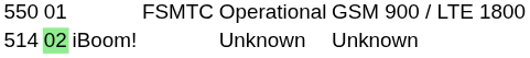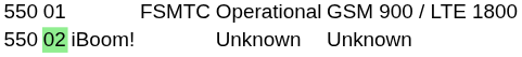 <table>
 <tr>
 <td>550</td>
 <td>01</td>
 <td></td>
 <td>FSMTC</td>
 <td>Operational</td>
 <td>GSM 900 / LTE 1800</td>
 <td></td>
 </tr>
 <tr>
-<td>514</td>
+<td>550</td>
 <td style="background: lightgreen;">02</td>
 <td>iBoom!</td>
 <td></td>
 <td>Unknown</td>
 <td>Unknown</td>
 <td></td>
 </tr>
 </table>
